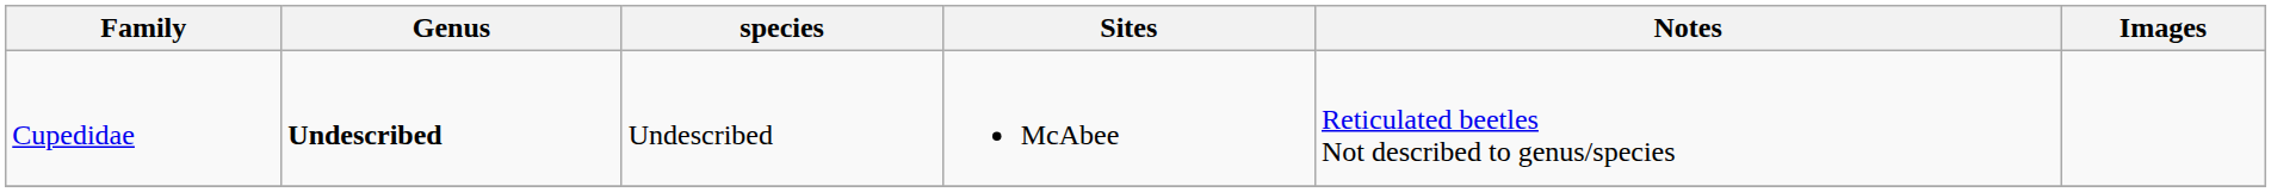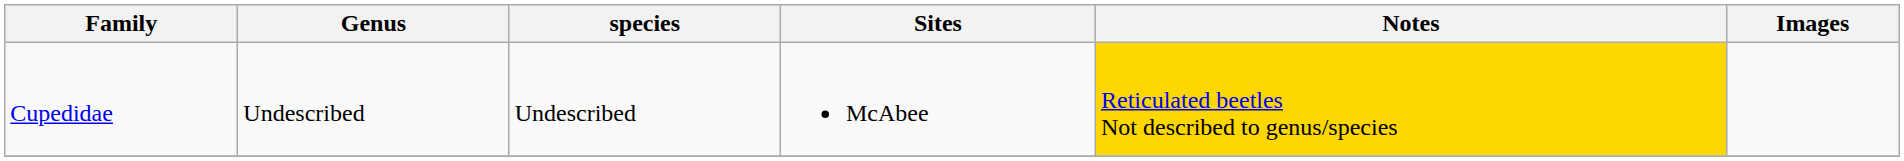 <table class="wikitable sortable"  style="margin:auto; width:100%;">
 <tr>
 <th>Family</th>
 <th>Genus</th>
 <th>species</th>
 <th>Sites</th>
 <th>Notes</th>
 <th>Images</th>
 </tr>
 <tr>
 <td><br><a href='#'>Cupedidae</a></td>
-<td><strong><br>Undescribed</strong></td>
+<td><br>Undescribed</td>
 <td><br>Undescribed</td>
 <td><br><ul><li>McAbee</li></ul></td>
-<td><br><a href='#'>Reticulated beetles</a><br>Not described to genus/species</td>
+<td style="background: gold;"><br><a href='#'>Reticulated beetles</a><br>Not described to genus/species</td>
 <td></td>
 </tr>
 <tr>
 </tr>
 </table>
